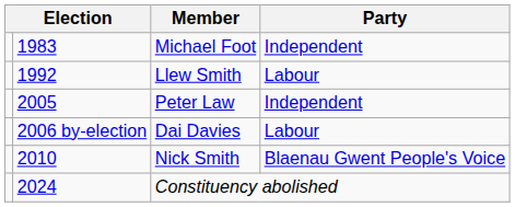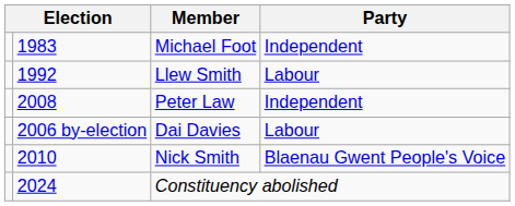 <table class="wikitable">
 <tr>
 <th colspan="2">Election</th>
 <th>Member</th>
 <th>Party</th>
 </tr>
 <tr>
 <td style="color:inherit;background-color: "></td>
 <td><a href='#'>1983</a></td>
 <td><a href='#'>Michael Foot</a></td>
 <td><a href='#'>Independent</a></td>
 </tr>
 <tr>
 <td style="color:inherit;background-color: "></td>
 <td><a href='#'>1992</a></td>
 <td><a href='#'>Llew Smith</a></td>
 <td><a href='#'>Labour</a></td>
 </tr>
 <tr>
 <td style="color:inherit;background-color: "></td>
-<td><a href='#'>2005</a></td>
+<td><a href='#'>2008</a></td>
 <td><a href='#'>Peter Law</a></td>
 <td><a href='#'>Independent</a></td>
 </tr>
 <tr>
 <td style="color:inherit;background-color: "></td>
 <td><a href='#'>2006 by-election</a></td>
 <td><a href='#'>Dai Davies</a></td>
 <td><a href='#'>Labour</a></td>
 </tr>
 <tr>
 <td style="color:inherit;background-color: "></td>
 <td><a href='#'>2010</a></td>
 <td><a href='#'>Nick Smith</a></td>
 <td><a href='#'>Blaenau Gwent People's Voice</a></td>
 </tr>
 <tr>
 <td></td>
 <td><a href='#'>2024</a></td>
 <td colspan="2"><em>Constituency abolished</em></td>
 </tr>
 </table>
